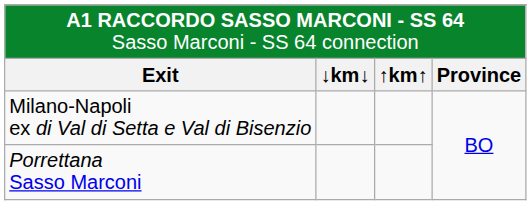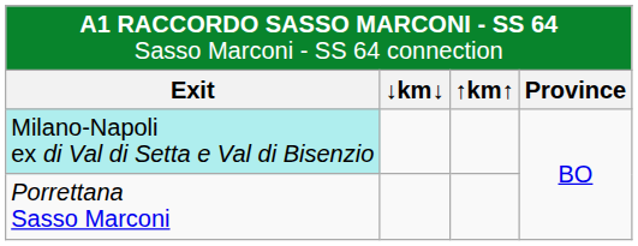 <table class="wikitable">
 <tr>
 </tr>
 <tr align="center" style="color: white;font-size:100%;" bgcolor="#08842c">
 <td colspan="6"> <strong>A1 RACCORDO SASSO MARCONI - SS 64</strong><br>Sasso Marconi - SS 64 connection</td>
 </tr>
 <tr>
 <th><strong>Exit</strong></th>
 <th align="center"><strong>↓km↓</strong></th>
 <th align="center"><strong>↑km↑</strong></th>
 <th align="center"><strong>Province</strong></th>
 </tr>
 <tr>
-<td>  Milano-Napoli <br> ex  <em>di Val di Setta e Val di Bisenzio</em></td>
+<td style="background: paleturquoise;">  Milano-Napoli <br> ex  <em>di Val di Setta e Val di Bisenzio</em></td>
 <td align="right"></td>
 <td align="right"></td>
 <td rowspan="2" align="center"><a href='#'>BO</a></td>
 </tr>
 <tr>
 <td>  <em>Porrettana</em> <br>  <a href='#'>Sasso Marconi</a></td>
 <td align="right"></td>
 <td align="right"></td>
 </tr>
 </table>
